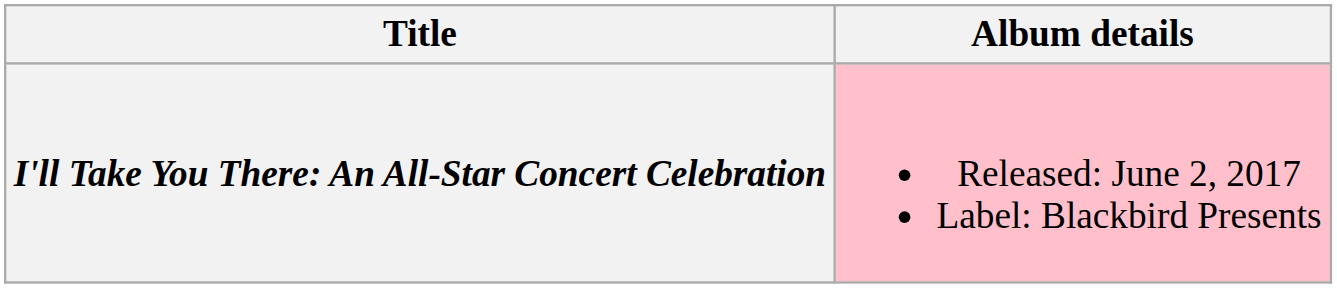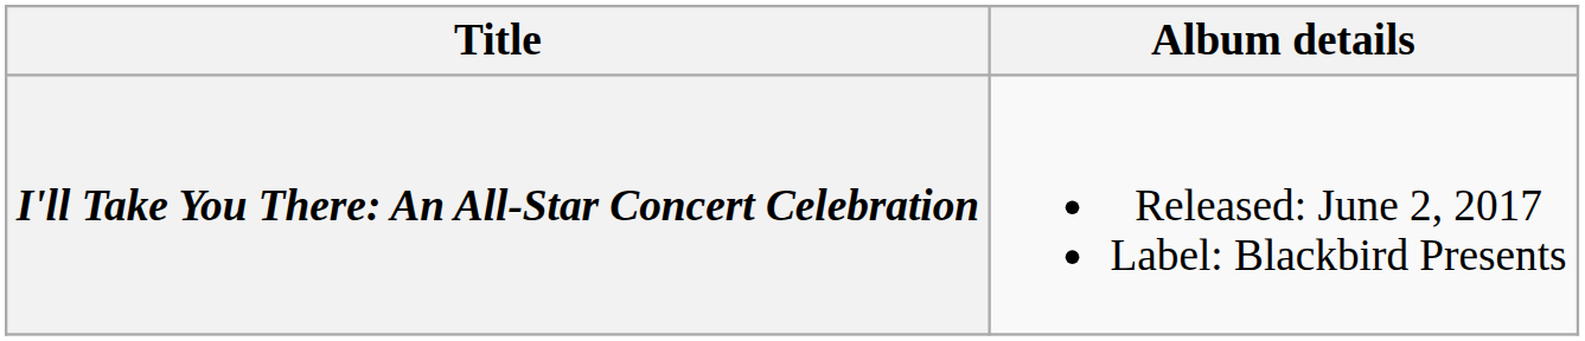 <table class="wikitable plainrowheaders" style="text-align:center;">
 <tr>
 <th>Title</th>
 <th>Album details</th>
 </tr>
 <tr>
 <th scope = "row"><em>I'll Take You There: An All-Star Concert Celebration</em></th>
-<td style="background: pink;"><br><ul><li>Released: June 2, 2017</li><li>Label: Blackbird Presents</li></ul></td>
+<td><br><ul><li>Released: June 2, 2017</li><li>Label: Blackbird Presents</li></ul></td>
 </tr>
 </table>
